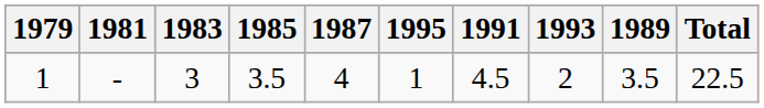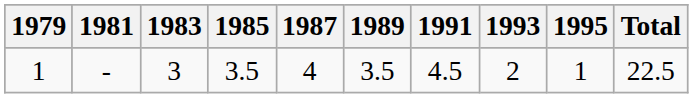 <table class="wikitable" style="text-align:center">
 <tr>
 <th>1979</th>
 <th>1981</th>
 <th>1983</th>
 <th>1985</th>
 <th>1987</th>
-<th>1995</th>
+<th>1989</th>
 <th>1991</th>
 <th>1993</th>
-<th>1989</th>
+<th>1995</th>
 <th>Total</th>
 </tr>
 <tr>
 <td>1</td>
 <td>-</td>
 <td>3</td>
 <td>3.5</td>
 <td>4</td>
-<td>1</td>
+<td>3.5</td>
 <td>4.5</td>
 <td>2</td>
-<td>3.5</td>
+<td>1</td>
 <td>22.5</td>
 </tr>
 </table>
